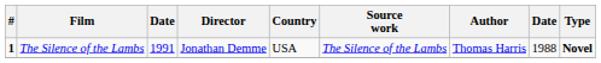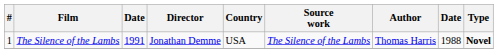 <table class="wikitable">
 <tr>
 <th>#</th>
 <th>Film</th>
 <th>Date</th>
 <th>Director</th>
 <th>Country</th>
 <th>Source<br>work</th>
 <th>Author</th>
 <th>Date</th>
 <th>Type</th>
 </tr>
 <tr>
-<td><strong>1</strong></td>
+<td>1</td>
 <td><em><a href='#'>The Silence of the Lambs</a></em></td>
 <td><a href='#'>1991</a></td>
 <td><a href='#'>Jonathan Demme</a></td>
 <td>USA</td>
 <td><em><a href='#'>The Silence of the Lambs</a></em></td>
 <td><a href='#'>Thomas Harris</a></td>
 <td>1988</td>
 <td><strong>Novel</strong></td>
 </tr>
 <tr>
 </tr>
 </table>
